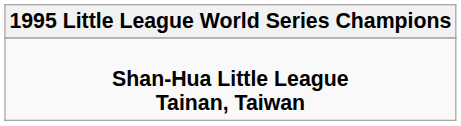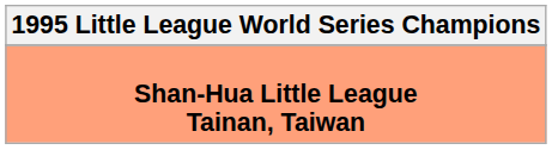 <table class="wikitable" style="text-align: center; margin: 0 auto;">
 <tr>
 <th>1995 Little League World Series Champions</th>
 </tr>
 <tr>
 </tr>
 <tr>
-<td><br><strong>Shan-Hua Little League</strong><br><strong>Tainan, Taiwan</strong></td>
+<td style="background: lightsalmon;"><br><strong>Shan-Hua Little League</strong><br><strong>Tainan, Taiwan</strong></td>
 </tr>
 </table>
